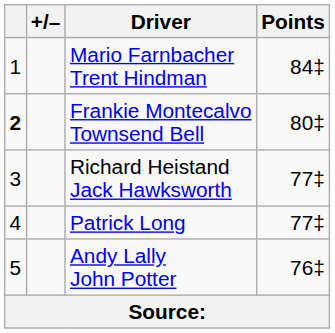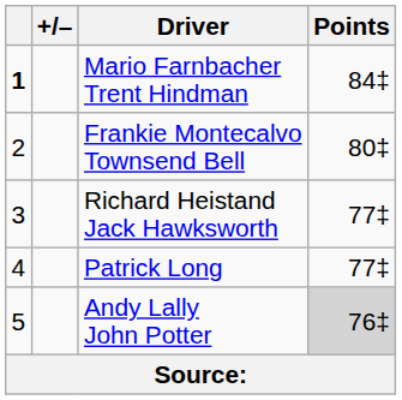 <table class="wikitable" style="font-size: 95%;">
 <tr>
 <th scope="col"></th>
 <th scope="col">+/–</th>
 <th scope="col">Driver</th>
 <th scope="col">Points</th>
 </tr>
 <tr>
-<td align=center>1</td>
+<td align=center><strong>1</strong></td>
 <td align="left"></td>
 <td> <a href='#'>Mario Farnbacher</a><br> <a href='#'>Trent Hindman</a></td>
 <td align=right>84‡</td>
 </tr>
 <tr>
-<td align=center><strong>2</strong></td>
+<td align=center>2</td>
 <td align="left"></td>
 <td> <a href='#'>Frankie Montecalvo</a><br> <a href='#'>Townsend Bell</a></td>
 <td align=right>80‡</td>
 </tr>
 <tr>
 <td align=center>3</td>
 <td align="left"></td>
 <td> Richard Heistand<br> <a href='#'>Jack Hawksworth</a></td>
 <td align=right>77‡</td>
 </tr>
 <tr>
 <td align=center>4</td>
 <td align="left"></td>
 <td> <a href='#'>Patrick Long</a></td>
 <td align=right>77‡</td>
 </tr>
 <tr>
 <td align=center>5</td>
 <td align="left"></td>
 <td> <a href='#'>Andy Lally</a><br> <a href='#'>John Potter</a></td>
-<td align=right>76‡</td>
+<td align=right style="background: lightgrey;">76‡</td>
 </tr>
 <tr>
 <th colspan=5>Source:</th>
 </tr>
 </table>
